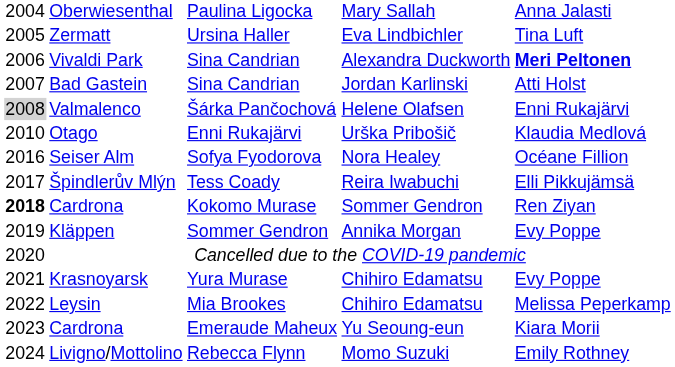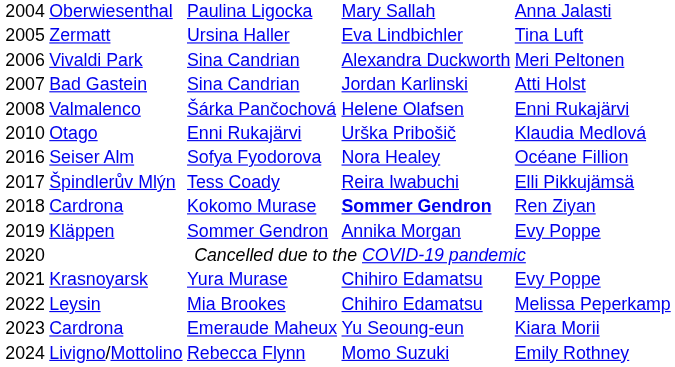 <table>
 <tr>
 <td>2004</td>
 <td> <a href='#'>Oberwiesenthal</a></td>
 <td> <a href='#'>Paulina Ligocka</a></td>
 <td> <a href='#'>Mary Sallah</a></td>
 <td> <a href='#'>Anna Jalasti</a></td>
 </tr>
 <tr>
 <td>2005</td>
 <td> <a href='#'>Zermatt</a></td>
 <td> <a href='#'>Ursina Haller</a></td>
 <td> <a href='#'>Eva Lindbichler</a></td>
 <td> <a href='#'>Tina Luft</a></td>
 </tr>
 <tr>
 <td>2006</td>
 <td> <a href='#'>Vivaldi Park</a></td>
 <td> <a href='#'>Sina Candrian</a></td>
 <td> <a href='#'>Alexandra Duckworth</a></td>
-<td><strong> <a href='#'>Meri Peltonen</a></strong></td>
+<td> <a href='#'>Meri Peltonen</a></td>
 </tr>
 <tr>
 <td>2007</td>
 <td> <a href='#'>Bad Gastein</a></td>
 <td> <a href='#'>Sina Candrian</a></td>
 <td> <a href='#'>Jordan Karlinski</a></td>
 <td> <a href='#'>Atti Holst</a></td>
 </tr>
 <tr>
-<td style="background: lightgrey;">2008</td>
+<td>2008</td>
 <td> <a href='#'>Valmalenco</a></td>
 <td> <a href='#'>Šárka Pančochová</a></td>
 <td> <a href='#'>Helene Olafsen</a></td>
 <td> <a href='#'>Enni Rukajärvi</a></td>
 </tr>
 <tr>
 <td>2010</td>
 <td> <a href='#'>Otago</a></td>
 <td> <a href='#'>Enni Rukajärvi</a></td>
 <td> <a href='#'>Urška Pribošič</a></td>
 <td> <a href='#'>Klaudia Medlová</a></td>
 </tr>
 <tr>
 <td>2016</td>
 <td> <a href='#'>Seiser Alm</a></td>
 <td> <a href='#'>Sofya Fyodorova</a></td>
 <td> <a href='#'>Nora Healey</a></td>
 <td> <a href='#'>Océane Fillion</a></td>
 </tr>
 <tr>
 <td>2017</td>
 <td> <a href='#'>Špindlerův Mlýn</a></td>
 <td> <a href='#'>Tess Coady</a></td>
 <td> <a href='#'>Reira Iwabuchi</a></td>
 <td> <a href='#'>Elli Pikkujämsä</a></td>
 </tr>
 <tr>
-<td><strong>2018</strong></td>
+<td>2018</td>
 <td> <a href='#'>Cardrona</a></td>
 <td> <a href='#'>Kokomo Murase</a></td>
-<td> <a href='#'>Sommer Gendron</a></td>
+<td><strong> <a href='#'>Sommer Gendron</a></strong></td>
 <td> <a href='#'>Ren Ziyan</a></td>
 </tr>
 <tr>
 <td>2019</td>
 <td> <a href='#'>Kläppen</a></td>
 <td> <a href='#'>Sommer Gendron</a></td>
 <td> <a href='#'>Annika Morgan</a></td>
 <td> <a href='#'>Evy Poppe</a></td>
 </tr>
 <tr>
 <td>2020</td>
 <td colspan=4 align=center><em>Cancelled due to the <a href='#'>COVID-19 pandemic</a></em></td>
 </tr>
 <tr>
 <td>2021</td>
 <td> <a href='#'>Krasnoyarsk</a></td>
 <td> <a href='#'>Yura Murase</a></td>
 <td> <a href='#'>Chihiro Edamatsu</a></td>
 <td> <a href='#'>Evy Poppe</a></td>
 </tr>
 <tr>
 <td>2022</td>
 <td> <a href='#'>Leysin</a></td>
 <td> <a href='#'>Mia Brookes</a></td>
 <td> <a href='#'>Chihiro Edamatsu</a></td>
 <td> <a href='#'>Melissa Peperkamp</a></td>
 </tr>
 <tr>
 <td>2023</td>
 <td> <a href='#'>Cardrona</a></td>
 <td> <a href='#'>Emeraude Maheux</a></td>
 <td> <a href='#'>Yu Seoung-eun</a></td>
 <td> <a href='#'>Kiara Morii</a></td>
 </tr>
 <tr>
 <td>2024</td>
 <td> <a href='#'>Livigno</a>/<a href='#'>Mottolino</a></td>
 <td> <a href='#'>Rebecca Flynn</a></td>
 <td> <a href='#'>Momo Suzuki</a></td>
 <td> <a href='#'>Emily Rothney</a></td>
 </tr>
 </table>
